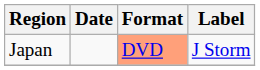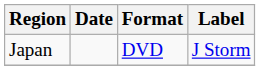 <table class="wikitable">
 <tr>
 <th>Region</th>
 <th>Date</th>
 <th>Format</th>
 <th>Label</th>
 </tr>
 <tr>
 <td>Japan</td>
 <td></td>
-<td style="background: lightsalmon;"><a href='#'>DVD</a></td>
+<td><a href='#'>DVD</a></td>
 <td><a href='#'>J Storm</a></td>
 </tr>
 <tr>
 </tr>
 </table>
